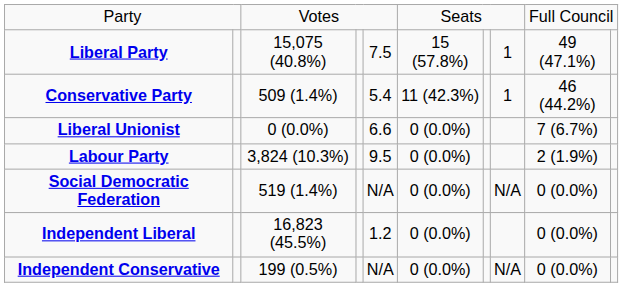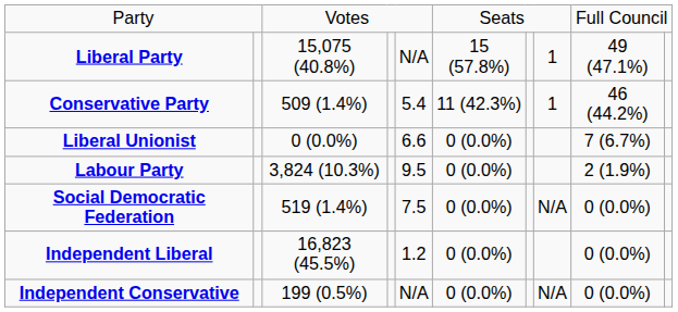 <table class=wikitable style="text-align:center;">
 <tr>
 <td colspan=2>Party</td>
 <td colspan=3>Votes</td>
 <td colspan=3>Seats</td>
 <td colspan=3>Full Council</td>
 </tr>
 <tr>
 <td><strong><a href='#'>Liberal Party</a></strong></td>
 <td style="background:"></td>
 <td>15,075 (40.8%)</td>
 <td></td>
-<td> 7.5</td>
+<td>N/A</td>
 <td>15 (57.8%)</td>
 <td></td>
 <td> 1</td>
 <td>49 (47.1%)</td>
 <td></td>
 </tr>
 <tr>
 <td><strong><a href='#'>Conservative Party</a></strong></td>
 <td style="background:"></td>
 <td>509 (1.4%)</td>
 <td></td>
 <td> 5.4</td>
 <td>11 (42.3%)</td>
 <td></td>
 <td> 1</td>
 <td>46 (44.2%)</td>
 <td></td>
 </tr>
 <tr>
 <td><strong><a href='#'>Liberal Unionist</a></strong></td>
 <td style="background:"></td>
 <td>0 (0.0%)</td>
 <td></td>
 <td> 6.6</td>
 <td>0 (0.0%)</td>
 <td></td>
 <td></td>
 <td>7 (6.7%)</td>
 <td></td>
 </tr>
 <tr>
 <td><strong><a href='#'>Labour Party</a></strong></td>
 <td style="background:"></td>
 <td>3,824 (10.3%)</td>
 <td></td>
 <td> 9.5</td>
 <td>0 (0.0%)</td>
 <td></td>
 <td></td>
 <td>2 (1.9%)</td>
 <td></td>
 </tr>
 <tr>
 <td><strong><a href='#'>Social Democratic Federation</a></strong></td>
 <td style="background:"></td>
 <td>519 (1.4%)</td>
 <td></td>
-<td>N/A</td>
+<td> 7.5</td>
 <td>0 (0.0%)</td>
 <td></td>
 <td>N/A</td>
 <td>0 (0.0%)</td>
 <td></td>
 </tr>
 <tr>
 <td><strong><a href='#'>Independent Liberal</a></strong></td>
 <td style="background:"></td>
 <td>16,823 (45.5%)</td>
 <td></td>
 <td> 1.2</td>
 <td>0 (0.0%)</td>
 <td></td>
 <td></td>
 <td>0 (0.0%)</td>
 <td></td>
 </tr>
 <tr>
 <td><strong><a href='#'>Independent Conservative</a></strong></td>
 <td style="background:"></td>
 <td>199 (0.5%)</td>
 <td></td>
 <td>N/A</td>
 <td>0 (0.0%)</td>
 <td></td>
 <td>N/A</td>
 <td>0 (0.0%)</td>
 <td></td>
 </tr>
 </table>
